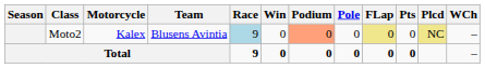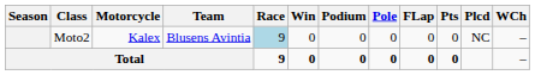 <table class="wikitable" style="font-size:98%; text-align:right;">
 <tr>
 <th>Season</th>
 <th>Class</th>
 <th>Motorcycle</th>
 <th>Team</th>
 <th>Race</th>
 <th>Win</th>
 <th>Podium</th>
 <th><a href='#'>Pole</a></th>
 <th>FLap</th>
 <th>Pts</th>
 <th>Plcd</th>
 <th>WCh</th>
 </tr>
 <tr>
 <th></th>
 <td>Moto2</td>
 <td><a href='#'>Kalex</a></td>
 <td><a href='#'>Blusens Avintia</a></td>
 <td style="background: lightblue;">9</td>
 <td>0</td>
-<td style="background: lightsalmon;">0</td>
 <td>0</td>
-<td style="background: khaki;">0</td>
 <td>0</td>
-<td style="background: khaki;">NC</td>
+<td>0</td>
+<td>0</td>
+<td>NC</td>
 <td> –</td>
 </tr>
 <tr>
 <th colspan=4>Total</th>
 <td><strong>9</strong></td>
 <td><strong>0</strong></td>
 <td><strong>0</strong></td>
 <td><strong>0</strong></td>
 <td><strong>0</strong></td>
 <td><strong>0</strong></td>
 <td></td>
 <td> –</td>
 </tr>
 </table>
